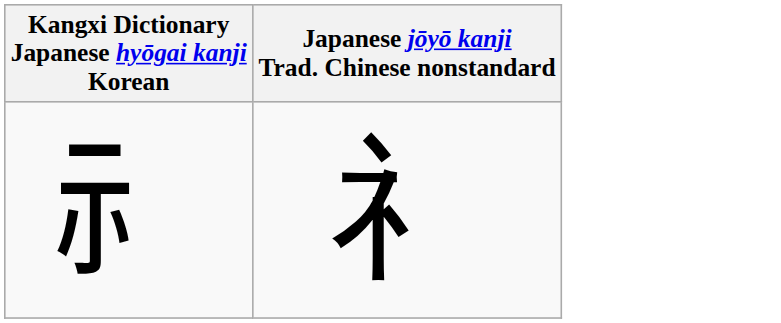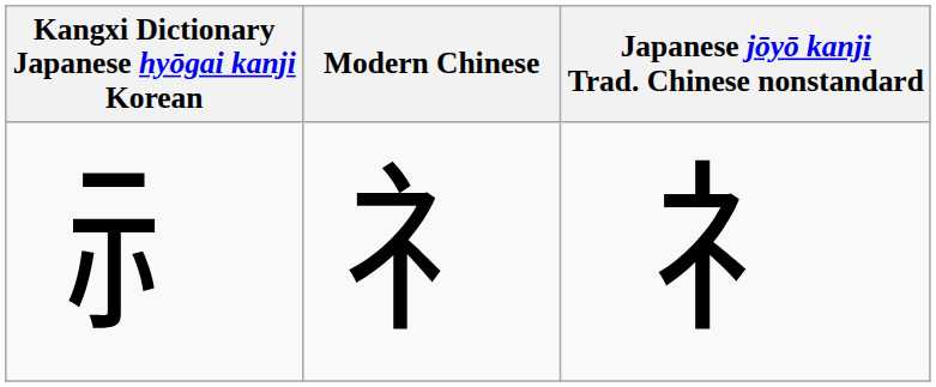 <table class="wikitable" style="text-align: center;">
 <tr>
 <th>Kangxi Dictionary<br>Japanese <em><a href='#'>hyōgai kanji</a></em><br>Korean</th>
+<th>Modern Chinese</th>
 <th>Japanese <em><a href='#'>jōyō kanji</a></em><br>Trad. Chinese nonstandard</th>
 </tr>
 <tr style="font-size:6em;font-family:serif;line-height:100%;">
 <td lang="zh-tw">⺬</td>
+<td lang="zh-cn">礻</td>
 <td lang="ja">礻</td>
 </tr>
 </table>
